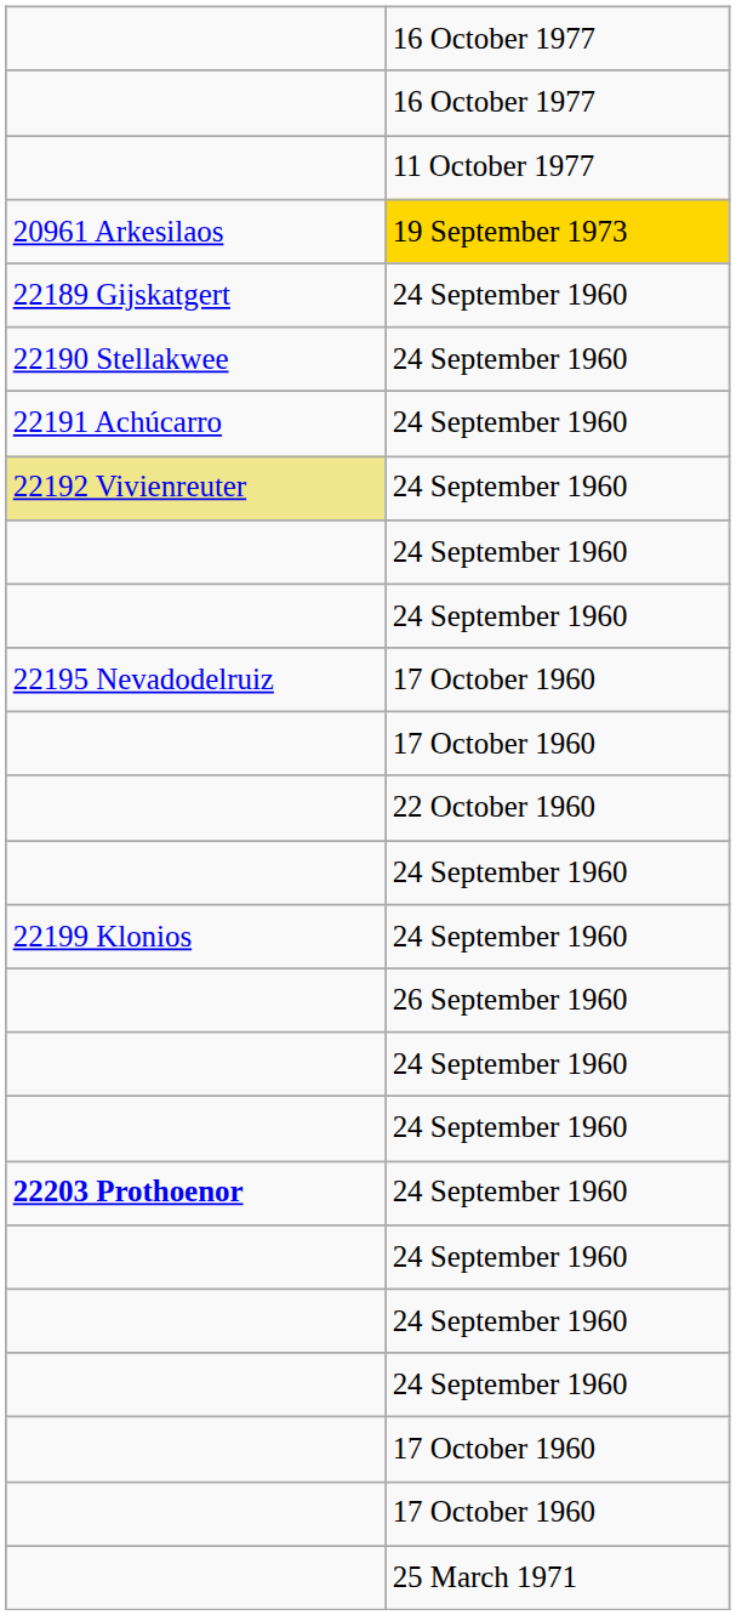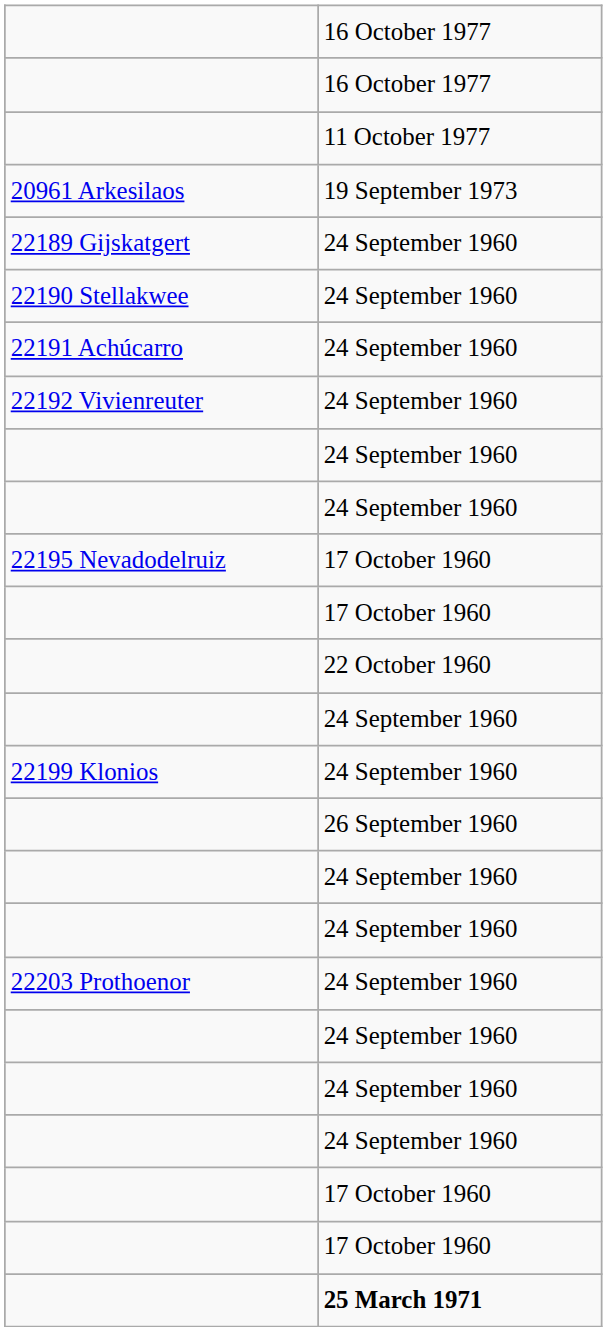 <table class="wikitable" style="font-size: 89%; float: left; width: 24em; margin-right: 1em; line-height: 1.65em">
 <tr>
 <td></td>
 <td>16 October 1977</td>
 </tr>
 <tr>
 <td></td>
 <td>16 October 1977</td>
 </tr>
 <tr>
 <td></td>
 <td>11 October 1977</td>
 </tr>
 <tr>
 <td><a href='#'>20961 Arkesilaos</a></td>
-<td style="background: gold;">19 September 1973</td>
+<td>19 September 1973</td>
 </tr>
 <tr>
 <td><a href='#'>22189 Gijskatgert</a></td>
 <td>24 September 1960</td>
 </tr>
 <tr>
 <td><a href='#'>22190 Stellakwee</a></td>
 <td>24 September 1960</td>
 </tr>
 <tr>
 <td><a href='#'>22191 Achúcarro</a></td>
 <td>24 September 1960</td>
 </tr>
 <tr>
-<td style="background: khaki;"><a href='#'>22192 Vivienreuter</a></td>
+<td><a href='#'>22192 Vivienreuter</a></td>
 <td>24 September 1960</td>
 </tr>
 <tr>
 <td></td>
 <td>24 September 1960</td>
 </tr>
 <tr>
 <td></td>
 <td>24 September 1960</td>
 </tr>
 <tr>
 <td><a href='#'>22195 Nevadodelruiz</a></td>
 <td>17 October 1960</td>
 </tr>
 <tr>
 <td></td>
 <td>17 October 1960</td>
 </tr>
 <tr>
 <td></td>
 <td>22 October 1960</td>
 </tr>
 <tr>
 <td></td>
 <td>24 September 1960</td>
 </tr>
 <tr>
 <td><a href='#'>22199 Klonios</a></td>
 <td>24 September 1960</td>
 </tr>
 <tr>
 <td></td>
 <td>26 September 1960</td>
 </tr>
 <tr>
 <td></td>
 <td>24 September 1960</td>
 </tr>
 <tr>
 <td></td>
 <td>24 September 1960</td>
 </tr>
 <tr>
-<td><strong><a href='#'>22203 Prothoenor</a></strong></td>
+<td><a href='#'>22203 Prothoenor</a></td>
 <td>24 September 1960</td>
 </tr>
 <tr>
 <td></td>
 <td>24 September 1960</td>
 </tr>
 <tr>
 <td></td>
 <td>24 September 1960</td>
 </tr>
 <tr>
 <td></td>
 <td>24 September 1960</td>
 </tr>
 <tr>
 <td></td>
 <td>17 October 1960</td>
 </tr>
 <tr>
 <td></td>
 <td>17 October 1960</td>
 </tr>
 <tr>
 <td></td>
-<td>25 March 1971</td>
+<td><strong>25 March 1971</strong></td>
 </tr>
 </table>
